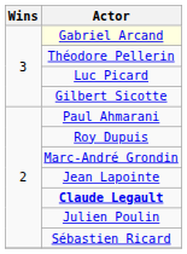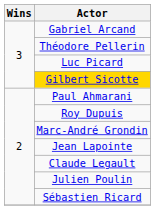 <table class="wikitable" style="text-align:center;">
 <tr>
 <th scope="col" width="26">Wins</th>
 <th scope="col" align="center">Actor</th>
 </tr>
 <tr>
 <td rowspan="4" style="text-align:center;">3</td>
-<td style="background: lightyellow;"><a href='#'>Gabriel Arcand</a></td>
+<td><a href='#'>Gabriel Arcand</a></td>
 </tr>
 <tr>
 <td><a href='#'>Théodore Pellerin</a></td>
 </tr>
 <tr>
 <td><a href='#'>Luc Picard</a></td>
 </tr>
 <tr>
-<td><a href='#'>Gilbert Sicotte</a></td>
+<td style="background: gold;"><a href='#'>Gilbert Sicotte</a></td>
 </tr>
 <tr>
 <td rowspan="7" style="text-align:center;">2</td>
 <td><a href='#'>Paul Ahmarani</a></td>
 </tr>
 <tr>
 <td><a href='#'>Roy Dupuis</a></td>
 </tr>
 <tr>
 <td><a href='#'>Marc-André Grondin</a></td>
 </tr>
 <tr>
 <td><a href='#'>Jean Lapointe</a></td>
 </tr>
 <tr>
-<td><strong><a href='#'>Claude Legault</a></strong></td>
+<td><a href='#'>Claude Legault</a></td>
 </tr>
 <tr>
 <td><a href='#'>Julien Poulin</a></td>
 </tr>
 <tr>
 <td><a href='#'>Sébastien Ricard</a></td>
 </tr>
 <tr>
 </tr>
 </table>
